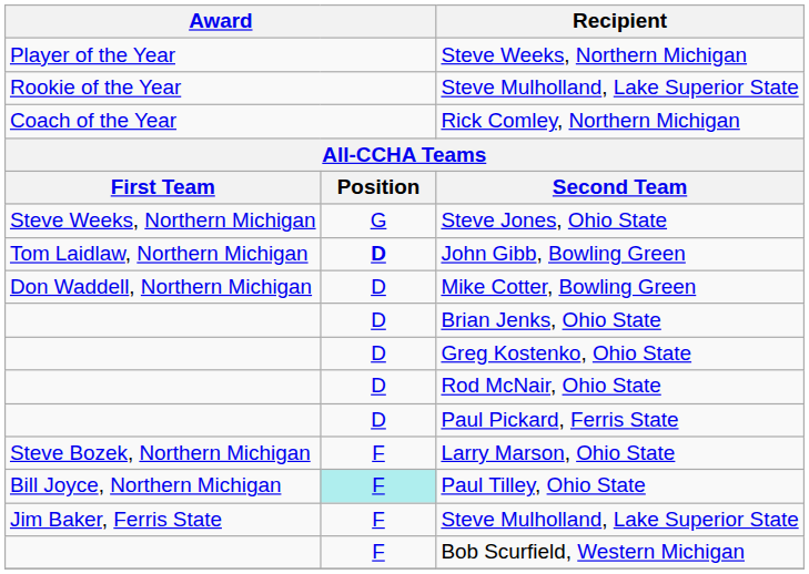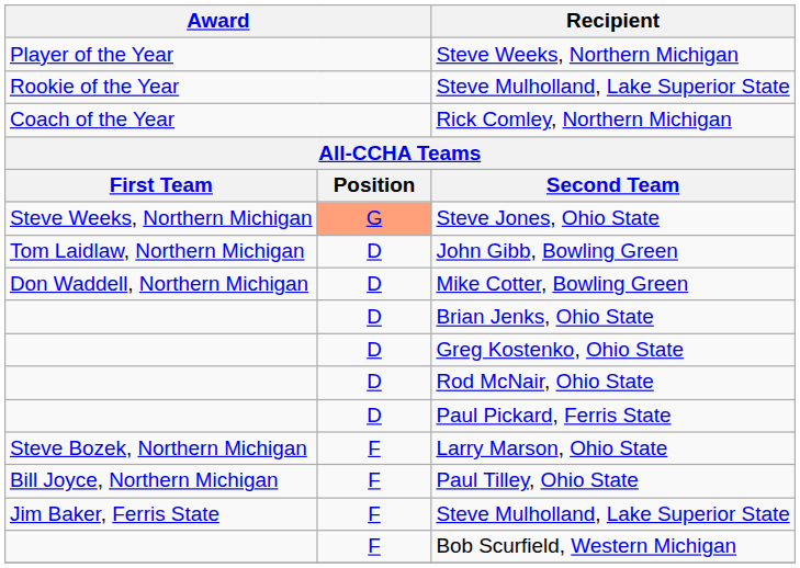 <table class="wikitable">
 <tr>
 <th colspan=2><a href='#'>Award</a></th>
 <th>Recipient</th>
 </tr>
 <tr>
 <td colspan=2><a href='#'>Player of the Year</a></td>
 <td><a href='#'>Steve Weeks</a>, <a href='#'>Northern Michigan</a></td>
 </tr>
 <tr>
 <td colspan=2><a href='#'>Rookie of the Year</a></td>
 <td><a href='#'>Steve Mulholland</a>, <a href='#'>Lake Superior State</a></td>
 </tr>
 <tr>
 <td colspan=2><a href='#'>Coach of the Year</a></td>
 <td><a href='#'>Rick Comley</a>, <a href='#'>Northern Michigan</a></td>
 </tr>
 <tr>
 <th colspan=3><a href='#'>All-CCHA Teams</a></th>
 </tr>
 <tr>
 <th><a href='#'>First Team</a></th>
 <th>  Position  </th>
 <th><a href='#'>Second Team</a></th>
 </tr>
 <tr>
 <td><a href='#'>Steve Weeks</a>, <a href='#'>Northern Michigan</a></td>
-<td align=center><a href='#'>G</a></td>
+<td align=center style="background: lightsalmon;"><a href='#'>G</a></td>
 <td><a href='#'>Steve Jones</a>, <a href='#'>Ohio State</a></td>
 </tr>
 <tr>
 <td><a href='#'>Tom Laidlaw</a>, <a href='#'>Northern Michigan</a></td>
-<td align=center><strong><a href='#'>D</a></strong></td>
+<td align=center><a href='#'>D</a></td>
 <td><a href='#'>John Gibb</a>, <a href='#'>Bowling Green</a></td>
 </tr>
 <tr>
 <td><a href='#'>Don Waddell</a>, <a href='#'>Northern Michigan</a></td>
 <td align=center><a href='#'>D</a></td>
 <td><a href='#'>Mike Cotter</a>, <a href='#'>Bowling Green</a></td>
 </tr>
 <tr>
 <td></td>
 <td align=center><a href='#'>D</a></td>
 <td><a href='#'>Brian Jenks</a>, <a href='#'>Ohio State</a></td>
 </tr>
 <tr>
 <td></td>
 <td align=center><a href='#'>D</a></td>
 <td><a href='#'>Greg Kostenko</a>, <a href='#'>Ohio State</a></td>
 </tr>
 <tr>
 <td></td>
 <td align=center><a href='#'>D</a></td>
 <td><a href='#'>Rod McNair</a>, <a href='#'>Ohio State</a></td>
 </tr>
 <tr>
 <td></td>
 <td align=center><a href='#'>D</a></td>
 <td><a href='#'>Paul Pickard</a>, <a href='#'>Ferris State</a></td>
 </tr>
 <tr>
 <td><a href='#'>Steve Bozek</a>, <a href='#'>Northern Michigan</a></td>
 <td align=center><a href='#'>F</a></td>
 <td><a href='#'>Larry Marson</a>, <a href='#'>Ohio State</a></td>
 </tr>
 <tr>
 <td><a href='#'>Bill Joyce</a>, <a href='#'>Northern Michigan</a></td>
-<td align=center style="background: paleturquoise;"><a href='#'>F</a></td>
+<td align=center><a href='#'>F</a></td>
 <td><a href='#'>Paul Tilley</a>, <a href='#'>Ohio State</a></td>
 </tr>
 <tr>
 <td><a href='#'>Jim Baker</a>, <a href='#'>Ferris State</a></td>
 <td align=center><a href='#'>F</a></td>
 <td><a href='#'>Steve Mulholland</a>, <a href='#'>Lake Superior State</a></td>
 </tr>
 <tr>
 <td></td>
 <td align=center><a href='#'>F</a></td>
 <td>Bob Scurfield, <a href='#'>Western Michigan</a></td>
 </tr>
 <tr>
 </tr>
 </table>
